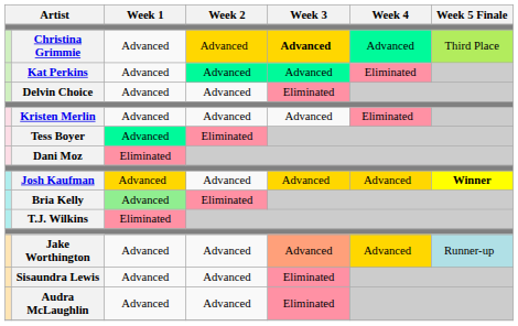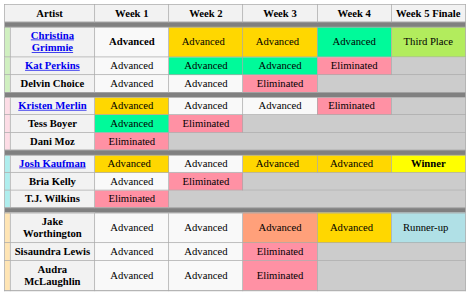 <table class="wikitable"  style="font-size:90%; text-align:center; width:100%;">
 <tr>
 <th colspan="2" width="17%;">Artist</th>
 <th width="14%;">Week 1</th>
 <th width="14%;">Week 2</th>
 <th width="14%;">Week 3</th>
 <th width="14%;">Week 4</th>
 <th width="14%;">Week 5 Finale</th>
 </tr>
 <tr>
 <th colspan="8" style="background:gray;"></th>
 </tr>
 <tr>
 <td style="background:#d0f0c0;"></td>
 <th style="width:16%;"><a href='#'>Christina Grimmie</a></th>
-<td>Advanced</td>
+<td><strong>Advanced</strong></td>
 <td style="background:gold;">Advanced  </td>
-<td style="background:gold;"><strong>Advanced  </strong></td>
+<td style="background:gold;">Advanced  </td>
 <td style="background:#00FA9A;">Advanced</td>
 <td style="background:#B2EC5D;">Third Place  </td>
 </tr>
 <tr>
 <td style="background:#d0f0c0;"></td>
 <th><a href='#'>Kat Perkins</a></th>
 <td>Advanced</td>
 <td style="background:#00FA9A;">Advanced</td>
 <td style="background:#00FA9A;">Advanced</td>
 <td style="background:#FF91A4;">Eliminated</td>
 <td style="background:#ccc;"></td>
 </tr>
 <tr>
 <td style="background:#d0f0c0;"></td>
 <th>Delvin Choice</th>
 <td>Advanced</td>
 <td>Advanced</td>
 <td style="background:#FF91A4;">Eliminated</td>
 <td colspan="2" style="background:#ccc;"></td>
 </tr>
 <tr>
 <th colspan="8" style="background:gray;"></th>
 </tr>
 <tr>
 <td style="background:#FDDDE6;"></td>
 <th><a href='#'>Kristen Merlin</a></th>
-<td>Advanced</td>
+<td style="background: gold;">Advanced</td>
 <td>Advanced</td>
 <td>Advanced</td>
 <td style="background:#FF91A4;">Eliminated  </td>
 <td style="background:#ccc;"></td>
 </tr>
 <tr>
 <td style="background:#FDDDE6;"></td>
 <th>Tess Boyer</th>
 <td style="background:#00FA9A;">Advanced</td>
 <td style="background:#FF91A4;">Eliminated</td>
 <td colspan="3" style="background:#ccc;"></td>
 </tr>
 <tr>
 <td style="background:#FDDDE6;"></td>
 <th>Dani Moz</th>
 <td style="background:#FF91A4;">Eliminated</td>
 <td colspan="4" style="background:#ccc;"></td>
 </tr>
 <tr>
 <th colspan="8" style="background:gray;"></th>
 </tr>
 <tr>
 <td style="background:#afeeee;"></td>
 <th><a href='#'>Josh Kaufman</a></th>
 <td style="background:gold;">Advanced  </td>
 <td>Advanced</td>
 <td style="background:gold;">Advanced  </td>
 <td style="background:gold;">Advanced  </td>
 <td style="background:yellow;"><strong>Winner</strong></td>
 </tr>
 <tr>
 <td style="background:#afeeee;"></td>
 <th>Bria Kelly</th>
-<td style="background: lightgreen;">Advanced</td>
+<td>Advanced</td>
 <td style="background:#FF91A4;">Eliminated</td>
 <td colspan="3" style="background:#ccc;"></td>
 </tr>
 <tr>
 <td style="background:#afeeee;"></td>
 <th>T.J. Wilkins</th>
 <td style="background:#FF91A4;">Eliminated</td>
 <td colspan="4" style="background:#ccc;"></td>
 </tr>
 <tr>
 <th colspan="9" style="background:gray;"></th>
 </tr>
 <tr>
 <td style="background:#ffe5b4;"></td>
 <th>Jake Worthington</th>
 <td>Advanced</td>
 <td>Advanced</td>
 <td style="background: lightsalmon;">Advanced</td>
 <td style="background:gold;">Advanced  </td>
 <td style="background:#B0E0E6;">Runner-up  </td>
 </tr>
 <tr>
 <td style="background:#ffe5b4;"></td>
 <th>Sisaundra Lewis</th>
 <td>Advanced</td>
 <td>Advanced</td>
 <td style="background:#FF91A4;">Eliminated</td>
 <td colspan="2" style="background:#ccc;"></td>
 </tr>
 <tr>
 <td style="background:#ffe5b4;"></td>
 <th>Audra McLaughlin</th>
 <td>Advanced</td>
 <td>Advanced</td>
 <td style="background:#FF91A4;">Eliminated</td>
 <td colspan="2" style="background:#ccc;"></td>
 </tr>
 <tr>
 </tr>
 </table>
